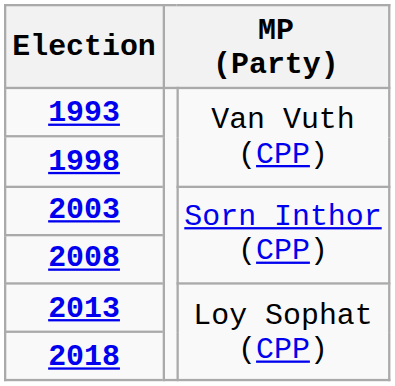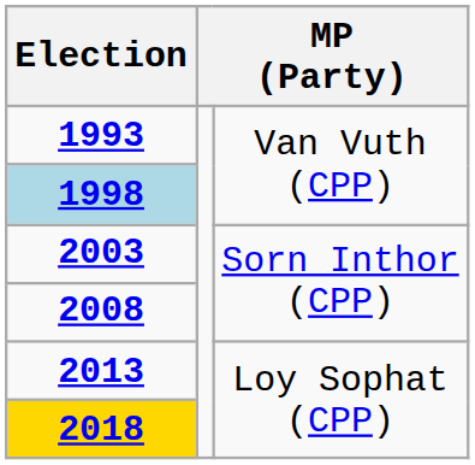 <table class="wikitable" style="text-align:center">
 <tr>
 <th>Election</th>
 <th colspan=2>MP<br>(Party)</th>
 </tr>
 <tr>
 <td><strong><a href='#'>1993</a></strong></td>
 <td rowspan=6; style="background-color: "></td>
 <td rowspan=2>Van Vuth<br>(<a href='#'>CPP</a>)</td>
 </tr>
 <tr>
-<td><strong><a href='#'>1998</a></strong></td>
+<td style="background: lightblue;"><strong><a href='#'>1998</a></strong></td>
 </tr>
 <tr>
 <td><strong><a href='#'>2003</a></strong></td>
 <td rowspan=2><a href='#'>Sorn Inthor</a><br>(<a href='#'>CPP</a>)</td>
 </tr>
 <tr>
 <td><strong><a href='#'>2008</a></strong></td>
 </tr>
 <tr>
 <td><strong><a href='#'>2013</a></strong></td>
 <td rowspan=2>Loy Sophat<br>(<a href='#'>CPP</a>)</td>
 </tr>
 <tr>
-<td><strong><a href='#'>2018</a></strong></td>
+<td style="background: gold;"><strong><a href='#'>2018</a></strong></td>
 </tr>
 </table>
